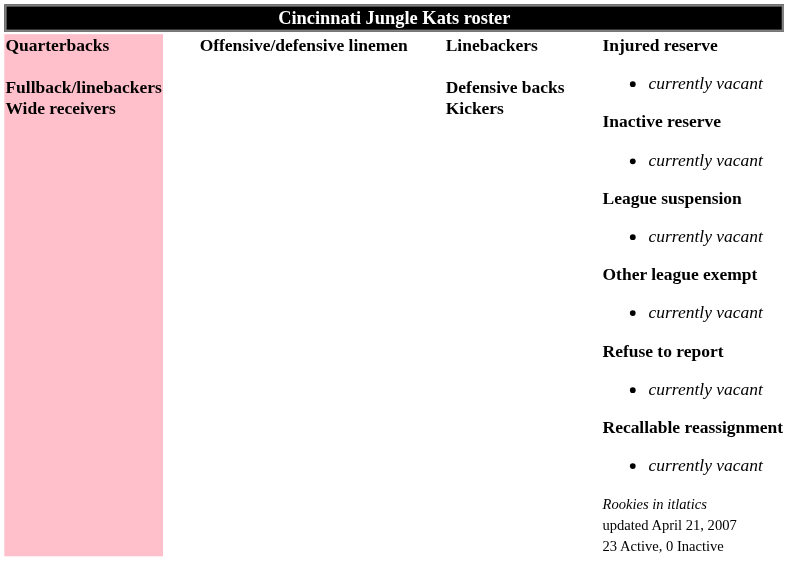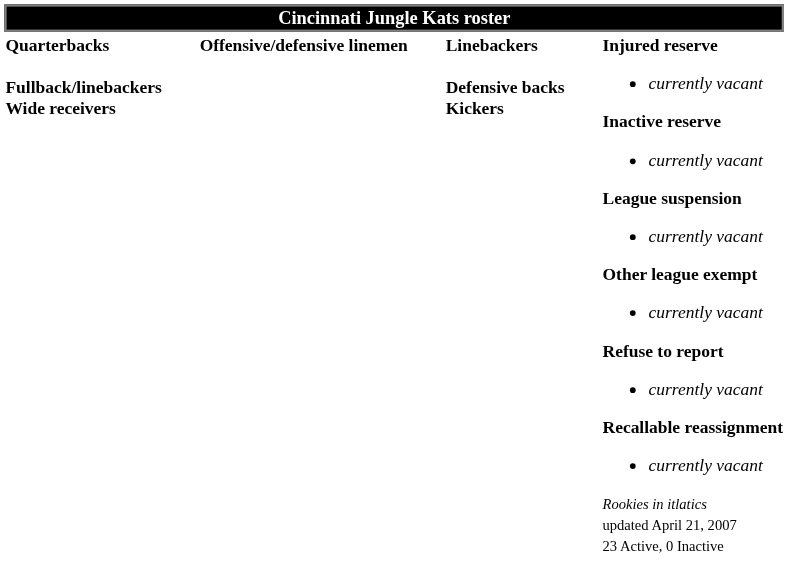 <table class="toccolours" style="text-align: left;">
 <tr>
 <th colspan=7 style="background:#000000; border: 2px solid gray; color:white; text-align:center;"><strong>Cincinnati Jungle Kats roster</strong></th>
 </tr>
 <tr>
-<td style="background: pink; font-size: 95%;vertical-align:top;"><strong>Quarterbacks</strong><br> <br><strong>Fullback/linebackers</strong>   <br><strong>Wide receivers</strong>   </td>
+<td style="font-size: 95%;vertical-align:top;"><strong>Quarterbacks</strong><br> <br><strong>Fullback/linebackers</strong>   <br><strong>Wide receivers</strong>   </td>
 <td style="width: 25px;"></td>
 <td style="font-size: 95%;vertical-align:top;"><strong>Offensive/defensive linemen</strong><br>     </td>
 <td style="width: 25px;"></td>
 <td style="font-size: 95%;vertical-align:top;"><strong>Linebackers</strong><br>  <br><strong>Defensive backs</strong>     <br><strong>Kickers</strong> </td>
 <td style="width: 25px;"></td>
 <td style="font-size: 95%;vertical-align:top;"><strong>Injured reserve</strong><br><ul><li><em>currently vacant</em></li></ul><strong>Inactive reserve</strong><ul><li><em>currently vacant</em></li></ul><strong>League suspension</strong><ul><li><em>currently vacant</em></li></ul><strong>Other league exempt</strong><ul><li><em>currently vacant</em></li></ul><strong>Refuse to report</strong><ul><li><em>currently vacant</em></li></ul><strong>Recallable reassignment</strong><ul><li><em>currently vacant</em></li></ul><small><em>Rookies in itlatics</em><br> <span></span> updated April 21, 2007<br> 23 Active, 0 Inactive</small></td>
 </tr>
 <tr>
 </tr>
 </table>
